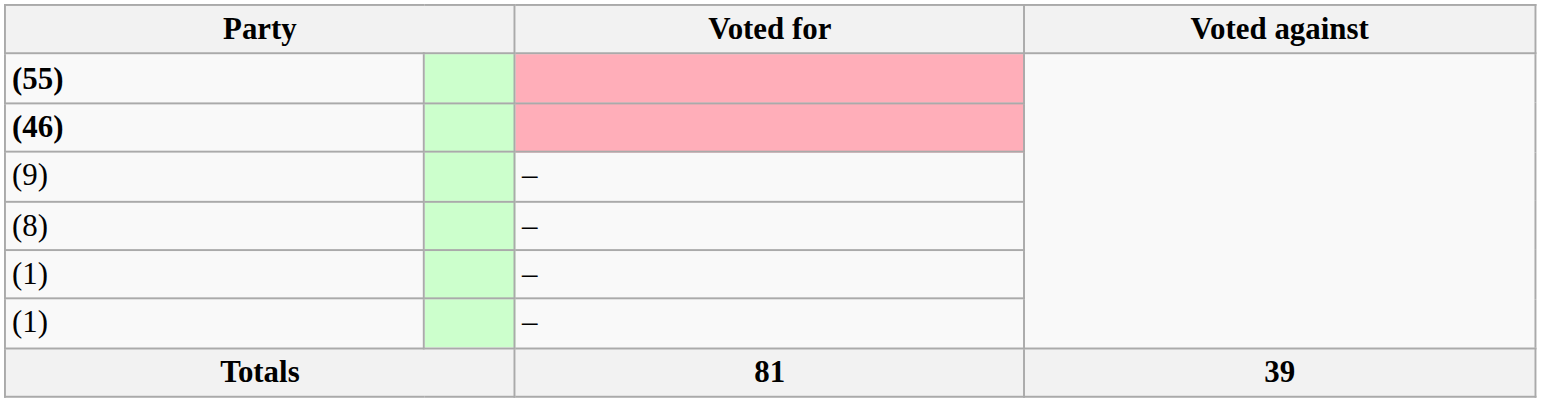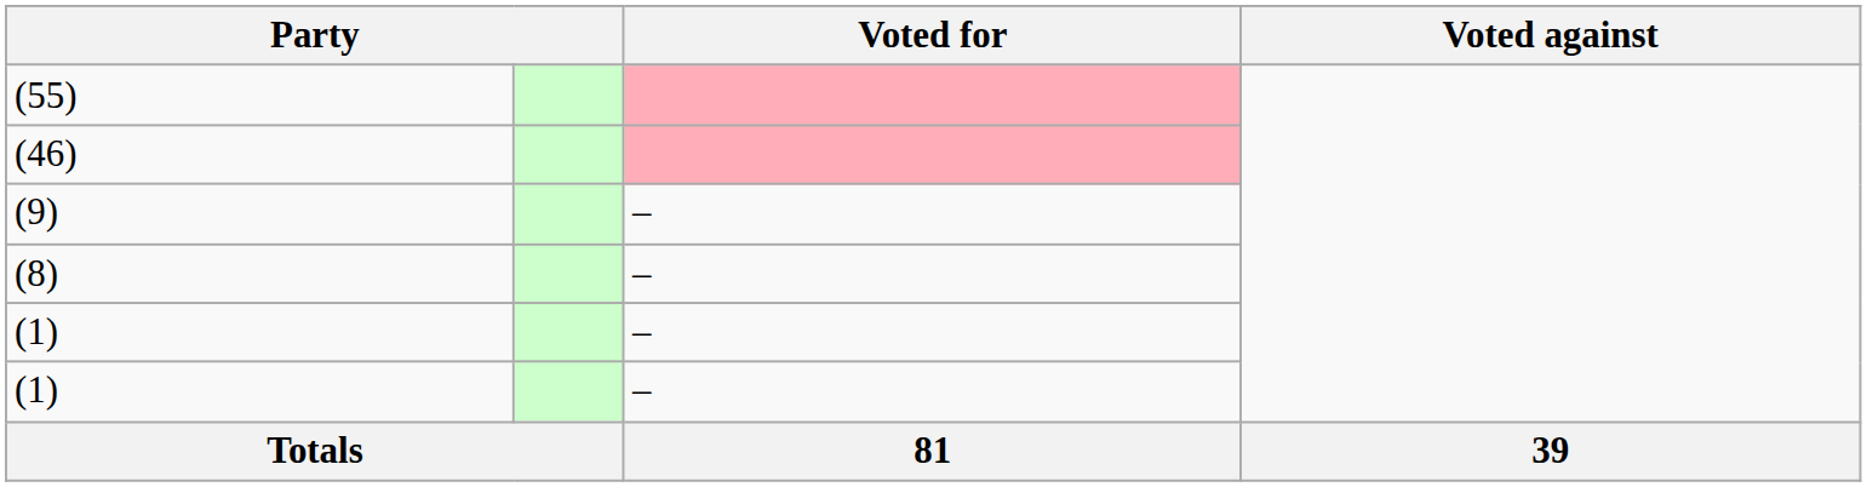 <table class="wikitable" style="width:40%;">
 <tr>
 <th style="width:10%;" colspan="2">Party</th>
 <th style="width:10%;">Voted for</th>
 <th style="width:10%;">Voted against</th>
 </tr>
 <tr>
-<td><strong> (55)</strong></td>
+<td> (55)</td>
 <td style="background-color:#CCFFCC;"></td>
 <td style="background-color:#FFAEB9;"></td>
 </tr>
 <tr>
-<td><strong> (46)</strong></td>
+<td> (46)</td>
 <td style="background-color:#CCFFCC;"></td>
 <td style="background-color:#FFAEB9;"></td>
 </tr>
 <tr>
 <td> (9)</td>
 <td style="background-color:#CCFFCC;"></td>
 <td>–</td>
 </tr>
 <tr>
 <td> (8)</td>
 <td style="background-color:#CCFFCC;"></td>
 <td>–</td>
 </tr>
 <tr>
 <td> (1)</td>
 <td style="background-color:#CCFFCC;"></td>
 <td>–</td>
 </tr>
 <tr>
 <td> (1)</td>
 <td style="background-color:#CCFFCC;"></td>
 <td>–</td>
 </tr>
 <tr>
 <th colspan=2>Totals</th>
 <th>81</th>
 <th>39</th>
 </tr>
 </table>
